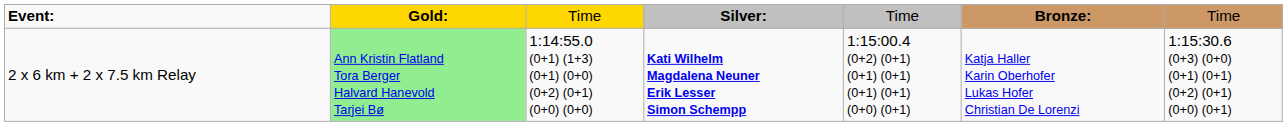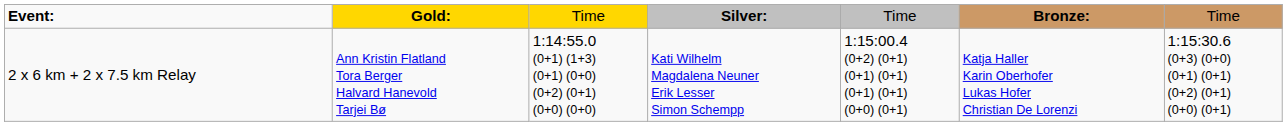 <table class="wikitable" border="1" style="width:85%;">
 <tr>
 <td><strong>Event:</strong></td>
 <td style="text-align:center;background-color:gold;"><strong>Gold:</strong></td>
 <td style="text-align:center;background-color:gold;">Time</td>
 <td style="text-align:center;background-color:silver;"><strong>Silver:</strong></td>
 <td style="text-align:center;background-color:silver;">Time</td>
 <td style="text-align:center;background-color:#CC9966;"><strong>Bronze:</strong></td>
 <td style="text-align:center;background-color:#CC9966;">Time</td>
 </tr>
 <tr>
 <td>2 x 6 km + 2 x 7.5 km Relay<br></td>
-<td style="background: lightgreen;"><strong></strong><br><small><a href='#'>Ann Kristin Flatland</a><br><a href='#'>Tora Berger</a><br><a href='#'>Halvard Hanevold</a><br><a href='#'>Tarjei Bø</a></small></td>
+<td><strong></strong><br><small><a href='#'>Ann Kristin Flatland</a><br><a href='#'>Tora Berger</a><br><a href='#'>Halvard Hanevold</a><br><a href='#'>Tarjei Bø</a></small></td>
 <td>1:14:55.0<br><small>(0+1) (1+3)<br>(0+1) (0+0)<br>(0+2) (0+1)<br>(0+0) (0+0)</small></td>
-<td><strong><br><small><a href='#'>Kati Wilhelm</a><br><a href='#'>Magdalena Neuner</a><br><a href='#'>Erik Lesser</a><br><a href='#'>Simon Schempp</a></small></strong></td>
+<td><br><small><a href='#'>Kati Wilhelm</a><br><a href='#'>Magdalena Neuner</a><br><a href='#'>Erik Lesser</a><br><a href='#'>Simon Schempp</a></small></td>
 <td>1:15:00.4<br><small>(0+2) (0+1)<br>(0+1) (0+1)<br>(0+1) (0+1)<br>(0+0) (0+1)</small></td>
 <td><br><small><a href='#'>Katja Haller</a><br><a href='#'>Karin Oberhofer</a><br><a href='#'>Lukas Hofer</a><br><a href='#'>Christian De Lorenzi</a></small></td>
 <td>1:15:30.6<br><small>(0+3) (0+0)<br>(0+1) (0+1)<br>(0+2) (0+1)<br>(0+0) (0+1)</small></td>
 </tr>
 </table>
